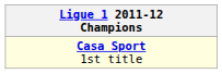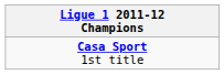 <table class="wikitable" style="margin: 0 auto; width: 240px;">
 <tr>
 <th><a href='#'>Ligue 1</a> 2011-12<br>Champions</th>
 </tr>
 <tr>
-<td align=center style="background: lightyellow;"><strong><a href='#'>Casa Sport</a></strong><br>1st title</td>
+<td align=center><strong><a href='#'>Casa Sport</a></strong><br>1st title</td>
 </tr>
 </table>
